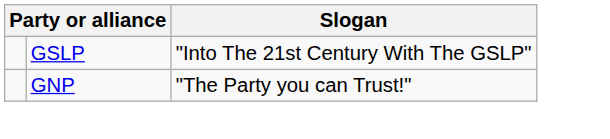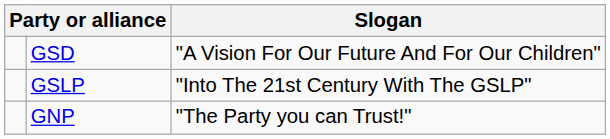 <table class=wikitable>
 <tr>
 <th colspan=2>Party or alliance</th>
 <th>Slogan</th>
+</tr>
+<tr>
+<td></td>
+<td><a href='#'>GSD</a></td>
+<td>"A Vision For Our Future And For Our Children"</td>
 </tr>
 <tr>
 <td></td>
 <td><a href='#'>GSLP</a></td>
 <td>"Into The 21st Century With The GSLP"</td>
 </tr>
 <tr>
 <td></td>
 <td><a href='#'>GNP</a></td>
 <td>"The Party you can Trust!"</td>
 </tr>
 </table>
